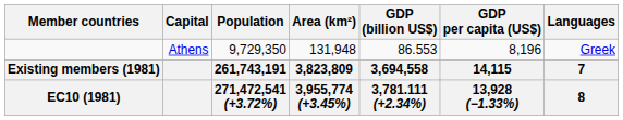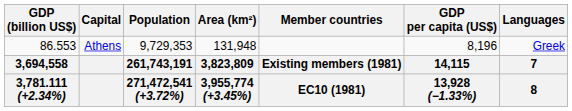 <table class="wikitable" style="text-align:right;">
 <tr>
-<th>Member countries</th>
+<th>GDP <br>(billion US$)</th>
 <th>Capital</th>
 <th>Population</th>
 <th>Area (km²)</th>
-<th>GDP <br>(billion US$)</th>
+<th>Member countries</th>
 <th>GDP <br>per capita (US$)</th>
 <th>Languages</th>
 </tr>
 <tr>
+<td>86.553</td>
+<td><a href='#'>Athens</a></td>
+<td>9,729,353</td>
+<td>131,948</td>
 <td style="text-align:left;"></td>
-<td><a href='#'>Athens</a></td>
-<td>9,729,350</td>
-<td>131,948</td>
-<td>86.553</td>
 <td>8,196</td>
 <td><a href='#'>Greek</a></td>
 </tr>
 <tr>
-<th>Existing members (1981)</th>
+<th>3,694,558</th>
 <th></th>
 <th>261,743,191</th>
 <th>3,823,809</th>
-<th>3,694,558</th>
+<th>Existing members (1981)</th>
 <th>14,115</th>
 <th>7</th>
 </tr>
 <tr>
-<th>EC10 (1981)</th>
+<th>3,781.111 <br> <em>(+2.34%)</em></th>
 <th></th>
 <th>271,472,541 <br> <em>(+3.72%)</em></th>
 <th>3,955,774 <br> <em>(+3.45%)</em></th>
-<th>3,781.111 <br> <em>(+2.34%)</em></th>
+<th>EC10 (1981)</th>
 <th>13,928 <br> <em>(−1.33%)</em></th>
 <th>8</th>
 </tr>
 </table>
